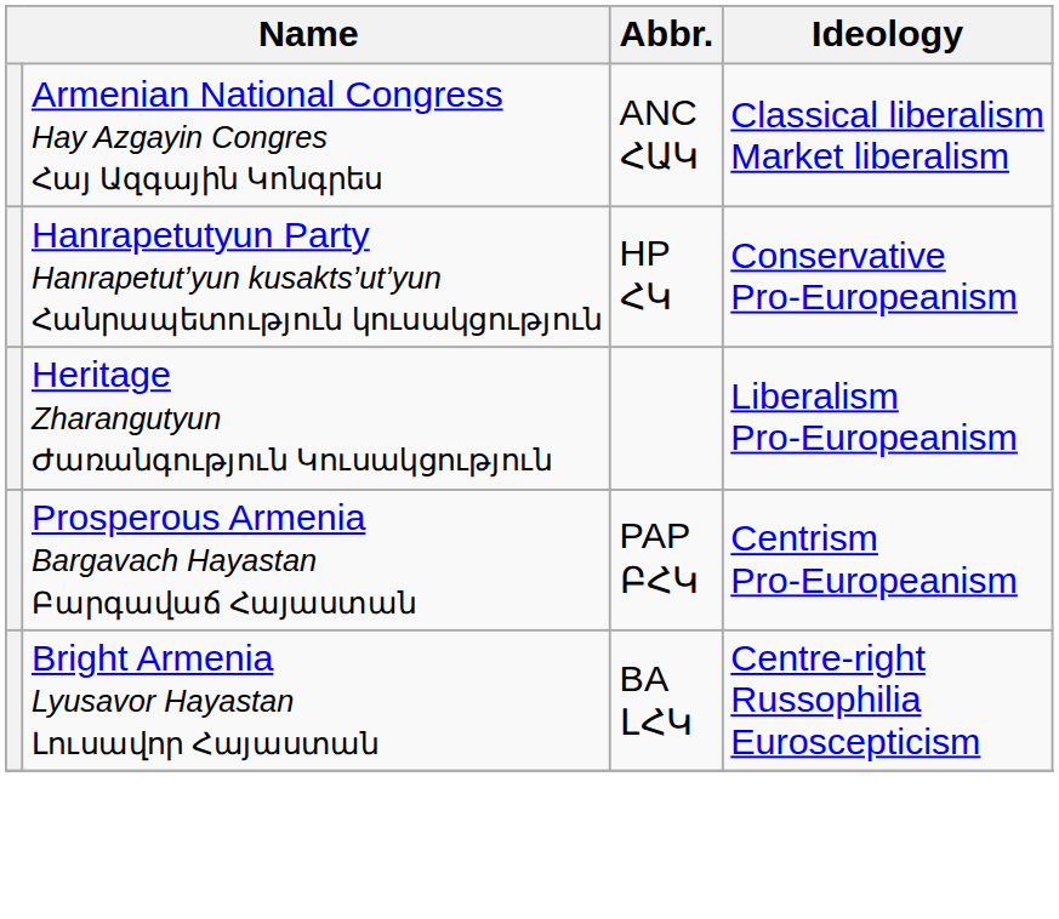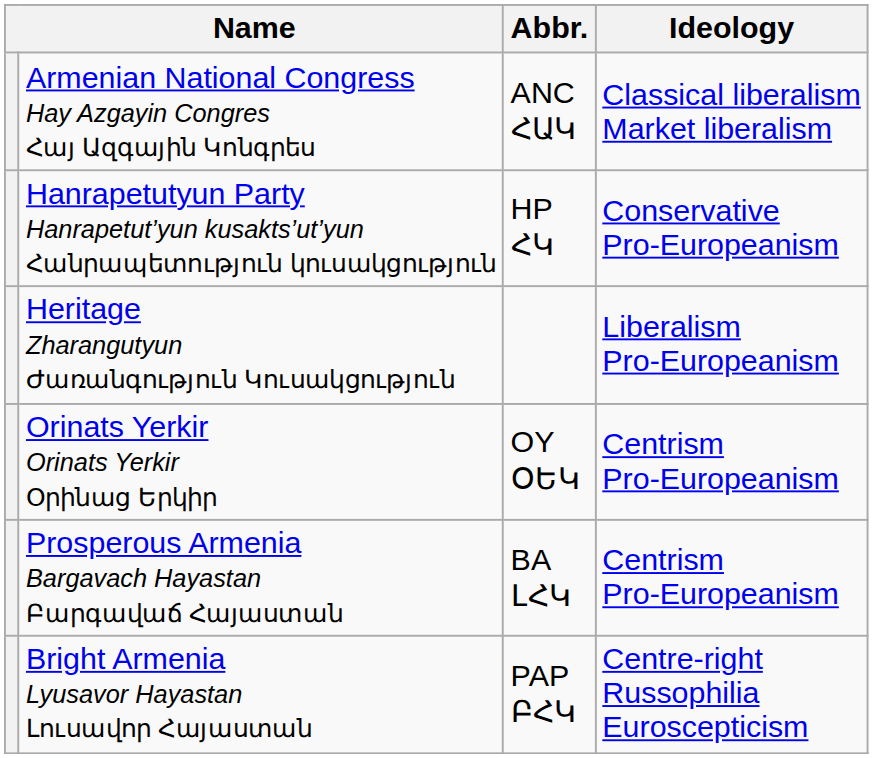 <table class="wikitable">
 <tr>
 <th colspan="2">Name</th>
 <th>Abbr.</th>
 <th>Ideology</th>
 </tr>
 <tr>
 <th style="background-color: "></th>
 <td><a href='#'>Armenian National Congress</a> <br><small><em>Hay Azgayin Congres</em> <br>Հայ Ազգային Կոնգրես </small></td>
 <td>ANC <br> ՀԱԿ</td>
 <td><a href='#'>Classical liberalism</a><br><a href='#'>Market liberalism</a></td>
 </tr>
 <tr>
 <th style="background-color: "></th>
 <td><a href='#'>Hanrapetutyun Party</a><br><small><em>Hanrapetut’yun kusakts’ut’yun</em> <br>Հանրապետություն կուսակցություն</small></td>
 <td>HP <br> ՀԿ</td>
 <td><a href='#'>Conservative</a><br><a href='#'>Pro-Europeanism</a></td>
 </tr>
 <tr>
 <th style="background-color: "></th>
 <td><a href='#'>Heritage</a><br><small><em>Zharangutyun</em> <br>Ժառանգություն Կուսակցություն</small></td>
 <td></td>
 <td><a href='#'>Liberalism</a><br><a href='#'>Pro-Europeanism</a></td>
 </tr>
 <tr>
 <th style="background-color: "></th>
+<td><a href='#'>Orinats Yerkir</a> <br><small><em>Orinats Yerkir</em><br>Օրինաց Երկիր </small></td>
+<td>OY <br> ՕԵԿ</td>
+<td><a href='#'>Centrism</a><br><a href='#'>Pro-Europeanism</a></td>
+</tr>
+<tr>
+<th style="background-color: "></th>
 <td><a href='#'>Prosperous Armenia</a> <br><small><em>Bargavach Hayastan</em><br>Բարգավաճ Հայաստան</small></td>
-<td>PAP <br> ԲՀԿ</td>
+<td>BA <br> ԼՀԿ</td>
 <td><a href='#'>Centrism</a><br><a href='#'>Pro-Europeanism</a></td>
 </tr>
 <tr>
 <th style="background-color: "></th>
 <td><a href='#'>Bright Armenia</a> <br><small><em>Lyusavor Hayastan</em><br>Լուսավոր Հայաստան</small></td>
-<td>BA <br> ԼՀԿ</td>
+<td>PAP <br> ԲՀԿ</td>
 <td><a href='#'>Centre-right</a><br><a href='#'>Russophilia</a><br><a href='#'>Euroscepticism</a></td>
 </tr>
 <tr>
 </tr>
 </table>
